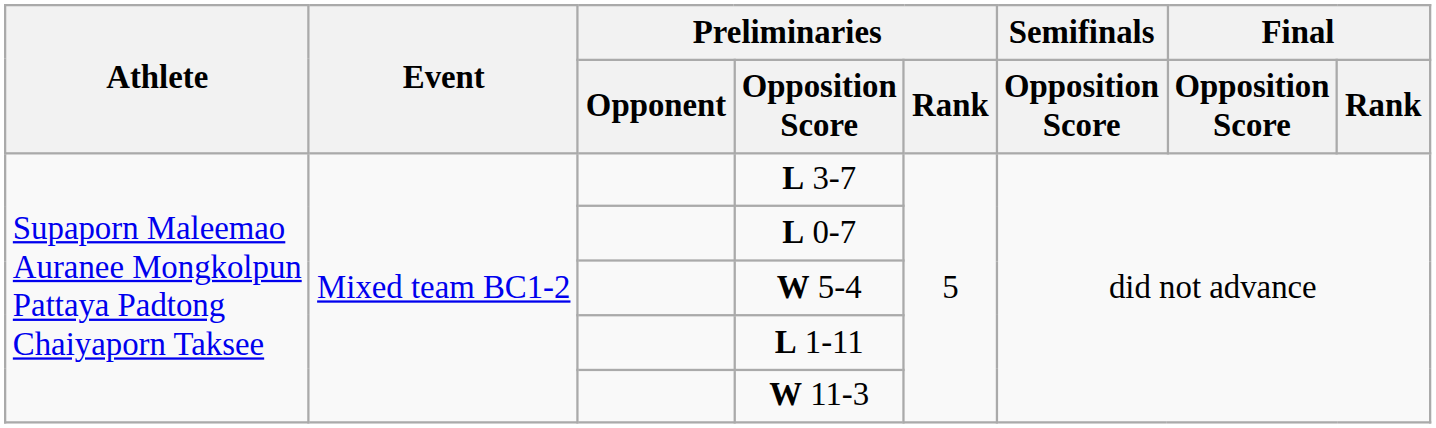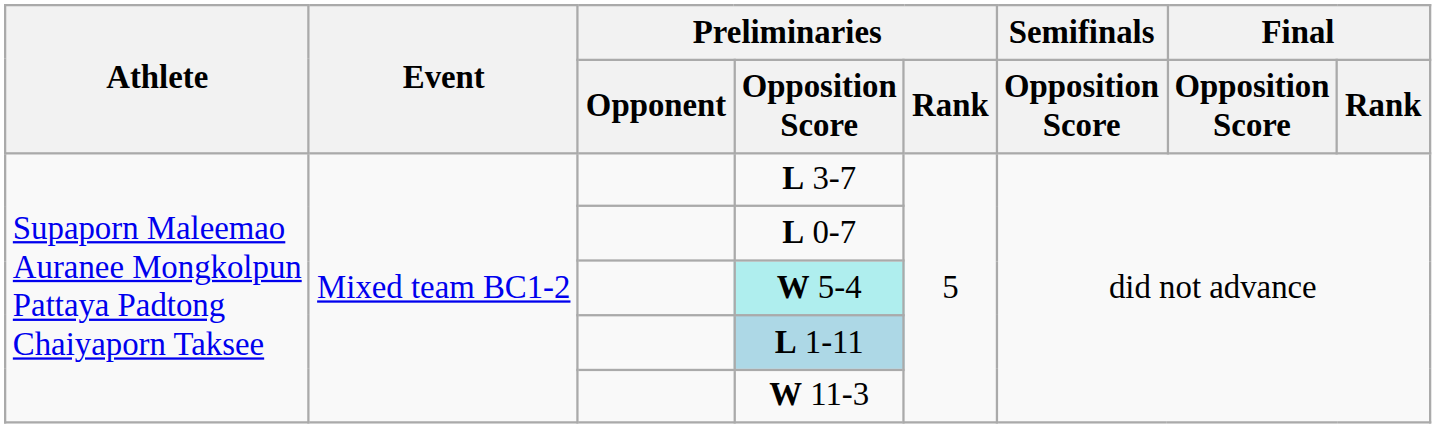 <table class=wikitable style="font-size:90%">
 <tr>
 <th rowspan="2">Athlete</th>
 <th rowspan="2">Event</th>
 <th colspan="3">Preliminaries</th>
 <th>Semifinals</th>
 <th colspan="2">Final</th>
 </tr>
 <tr>
 <th>Opponent</th>
 <th>Opposition<br>Score</th>
 <th>Rank</th>
 <th>Opposition<br>Score</th>
 <th>Opposition<br>Score</th>
 <th>Rank</th>
 </tr>
 <tr>
 <td rowspan="5"><a href='#'>Supaporn Maleemao</a><br> <a href='#'>Auranee Mongkolpun</a><br> <a href='#'>Pattaya Padtong</a><br> <a href='#'>Chaiyaporn Taksee</a></td>
 <td rowspan="5"><a href='#'>Mixed team BC1-2</a></td>
 <td align="left"></td>
 <td align="center"><strong>L</strong> 3-7</td>
 <td align="center" rowspan="5">5</td>
 <td align="center" rowspan="5" colspan="3">did not advance</td>
 </tr>
 <tr>
 <td align="left"></td>
 <td align="center"><strong>L</strong> 0-7</td>
 </tr>
 <tr>
 <td align="left"></td>
-<td align="center"><strong>W</strong> 5-4</td>
+<td align="center" style="background: paleturquoise;"><strong>W</strong> 5-4</td>
 </tr>
 <tr>
 <td align="left"></td>
-<td align="center"><strong>L</strong> 1-11</td>
+<td align="center" style="background: lightblue;"><strong>L</strong> 1-11</td>
 </tr>
 <tr>
 <td align="left"></td>
 <td align="center"><strong>W</strong> 11-3</td>
 </tr>
 </table>
